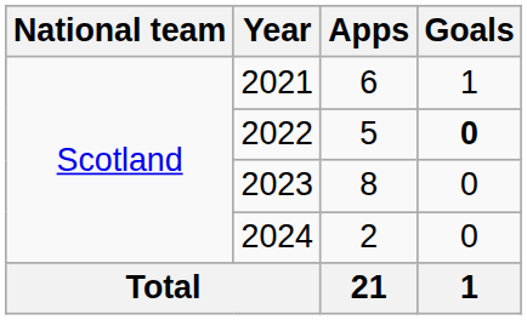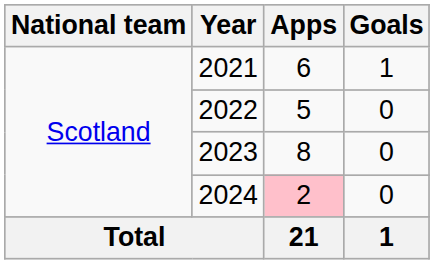 <table class="wikitable" style="text-align: center;">
 <tr>
 <th>National team</th>
 <th>Year</th>
 <th>Apps</th>
 <th>Goals</th>
 </tr>
 <tr>
 <td rowspan="4"><a href='#'>Scotland</a></td>
 <td>2021</td>
 <td>6</td>
 <td>1</td>
 </tr>
 <tr>
 <td>2022</td>
 <td>5</td>
-<td><strong>0</strong></td>
+<td>0</td>
 </tr>
 <tr>
 <td>2023</td>
 <td>8</td>
 <td>0</td>
 </tr>
 <tr>
 <td>2024</td>
-<td>2</td>
+<td style="background: pink;">2</td>
 <td>0</td>
 </tr>
 <tr>
 <th colspan="2">Total</th>
 <th>21</th>
 <th>1</th>
 </tr>
 </table>
